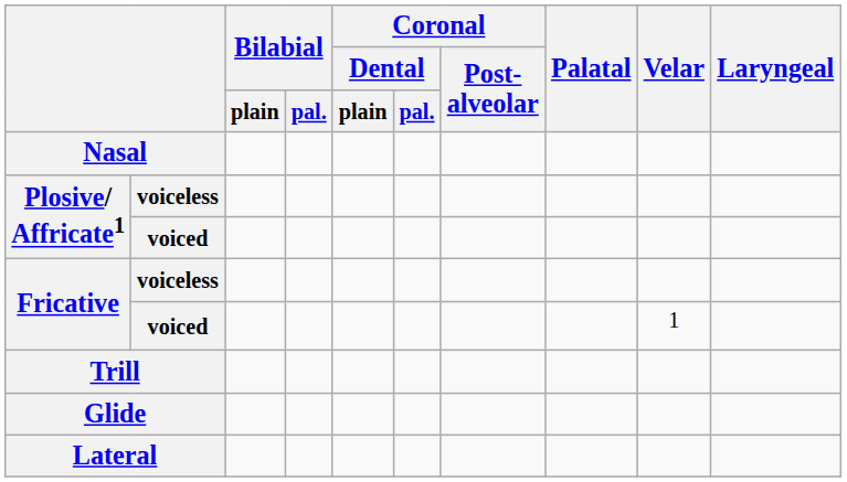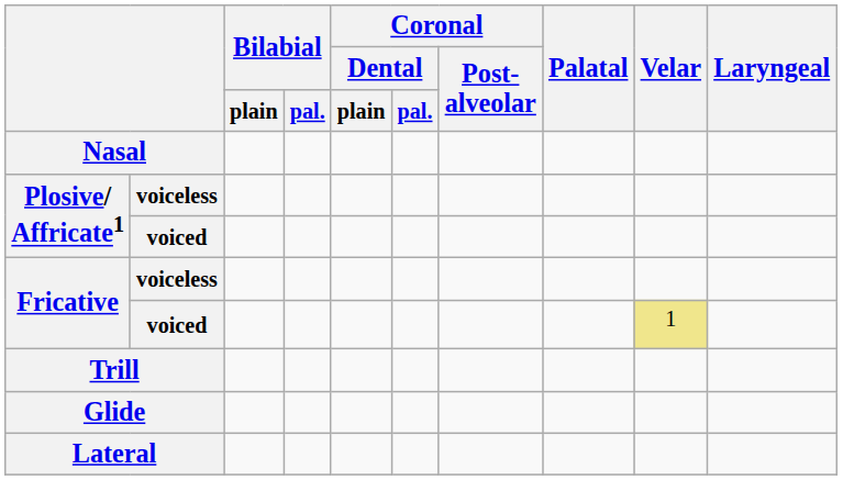 <table class="wikitable" style="text-align:center">
 <tr>
 <th colspan="2" rowspan="3"></th>
 <th colspan="2" rowspan="2"><a href='#'>Bilabial</a></th>
 <th colspan="3"><a href='#'>Coronal</a></th>
 <th rowspan="3"><a href='#'>Palatal</a></th>
 <th rowspan="3"><a href='#'>Velar</a></th>
 <th rowspan="3"><a href='#'>Laryngeal</a></th>
 </tr>
 <tr>
 <th colspan="2"><a href='#'>Dental</a></th>
 <th rowspan="2"><a href='#'>Post-<br>alveolar</a></th>
 </tr>
 <tr>
 <th><small>plain</small></th>
 <th><small><a href='#'>pal.</a></small></th>
 <th><small>plain</small></th>
 <th><small><a href='#'>pal.</a></small></th>
 </tr>
 <tr>
 <th colspan="2"><a href='#'>Nasal</a></th>
 <td></td>
 <td></td>
 <td></td>
 <td></td>
 <td></td>
 <td></td>
 <td></td>
 <td></td>
 </tr>
 <tr>
 <th rowspan="2"><a href='#'>Plosive</a>/<br><a href='#'>Affricate</a><sup>1</sup></th>
 <th><small>voiceless</small></th>
 <td></td>
 <td></td>
 <td></td>
 <td></td>
 <td></td>
 <td></td>
 <td></td>
 <td></td>
 </tr>
 <tr>
 <th><small>voiced</small></th>
 <td></td>
 <td></td>
 <td></td>
 <td></td>
 <td></td>
 <td></td>
 <td></td>
 <td></td>
 </tr>
 <tr>
 <th rowspan="2"><a href='#'>Fricative</a></th>
 <th><small>voiceless</small></th>
 <td></td>
 <td></td>
 <td></td>
 <td></td>
 <td></td>
 <td></td>
 <td></td>
 <td></td>
 </tr>
 <tr>
 <th><small>voiced</small></th>
 <td></td>
 <td></td>
 <td></td>
 <td></td>
 <td></td>
 <td></td>
-<td><sup>1</sup></td>
+<td style="background: khaki;"><sup>1</sup></td>
 <td></td>
 </tr>
 <tr>
 <th colspan="2"><a href='#'>Trill</a></th>
 <td></td>
 <td></td>
 <td></td>
 <td></td>
 <td></td>
 <td></td>
 <td></td>
 <td></td>
 </tr>
 <tr>
 <th colspan="2"><a href='#'>Glide</a></th>
 <td></td>
 <td></td>
 <td></td>
 <td></td>
 <td></td>
 <td></td>
 <td></td>
 <td></td>
 </tr>
 <tr>
 <th colspan="2"><a href='#'>Lateral</a></th>
 <td></td>
 <td></td>
 <td></td>
 <td></td>
 <td></td>
 <td></td>
 <td></td>
 <td></td>
 </tr>
 </table>
